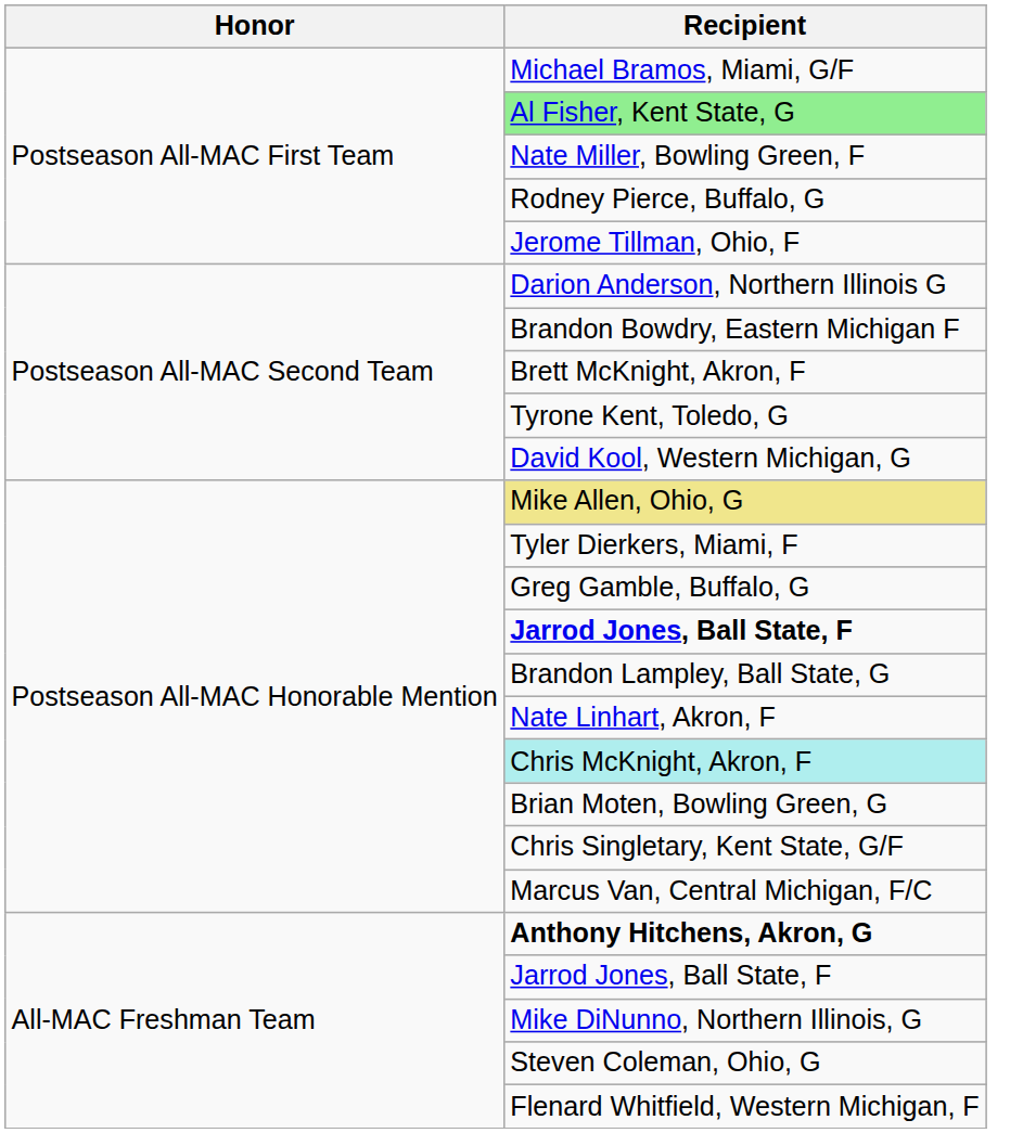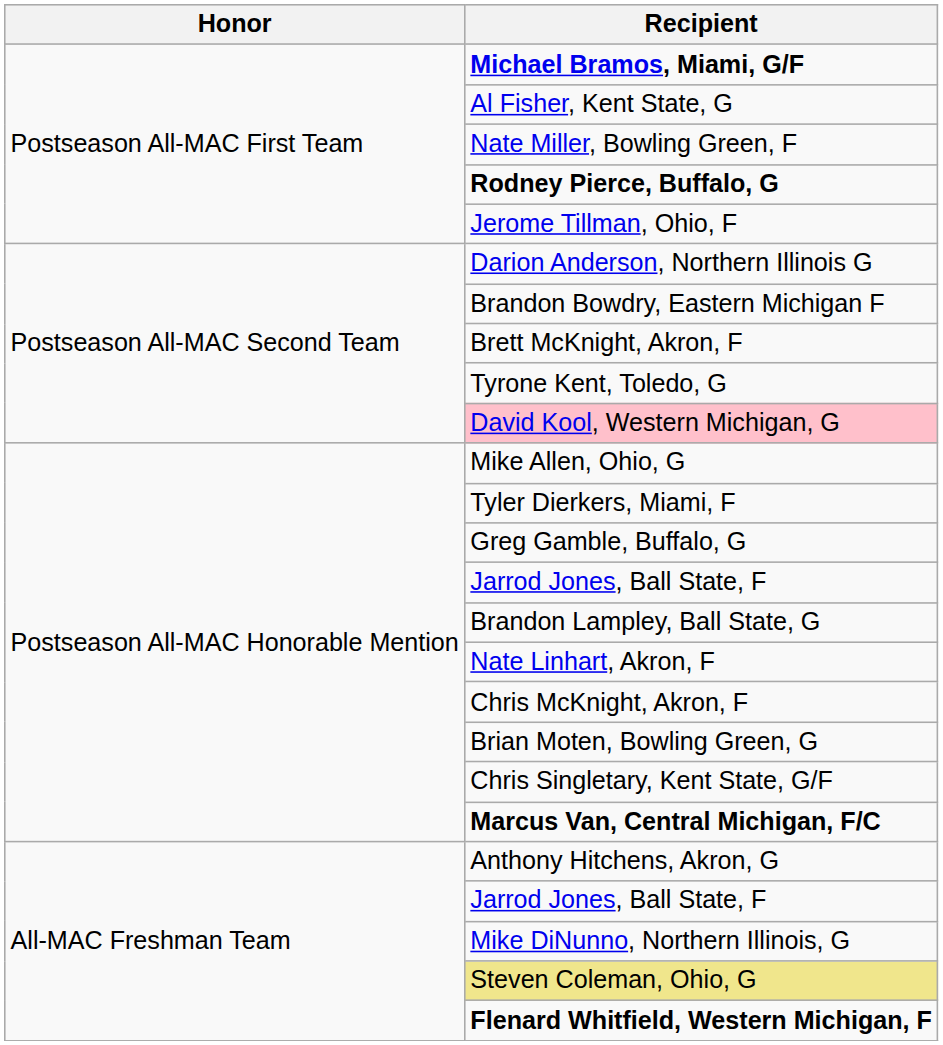 <table class="wikitable" border="1">
 <tr>
 <th>Honor</th>
 <th>Recipient</th>
 </tr>
 <tr>
 <td rowspan=5 valign=middle>Postseason All-MAC First Team</td>
-<td><a href='#'>Michael Bramos</a>, Miami, G/F</td>
+<td><strong><a href='#'>Michael Bramos</a>, Miami, G/F</strong></td>
 </tr>
 <tr>
-<td style="background: lightgreen;"><a href='#'>Al Fisher</a>, Kent State, G</td>
+<td><a href='#'>Al Fisher</a>, Kent State, G</td>
 </tr>
 <tr>
 <td><a href='#'>Nate Miller</a>, Bowling Green, F</td>
 </tr>
 <tr>
-<td>Rodney Pierce, Buffalo, G</td>
+<td><strong>Rodney Pierce, Buffalo, G</strong></td>
 </tr>
 <tr>
 <td><a href='#'>Jerome Tillman</a>, Ohio, F</td>
 </tr>
 <tr>
 <td rowspan=5 valign=middle>Postseason All-MAC Second Team</td>
 <td><a href='#'>Darion Anderson</a>, Northern Illinois G</td>
 </tr>
 <tr>
 <td>Brandon Bowdry, Eastern Michigan F</td>
 </tr>
 <tr>
 <td>Brett McKnight, Akron, F</td>
 </tr>
 <tr>
 <td>Tyrone Kent, Toledo, G</td>
 </tr>
 <tr>
-<td><a href='#'>David Kool</a>, Western Michigan, G</td>
+<td style="background: pink;"><a href='#'>David Kool</a>, Western Michigan, G</td>
 </tr>
 <tr>
 <td rowspan=10 valign=middle>Postseason All-MAC Honorable Mention</td>
-<td style="background: khaki;">Mike Allen, Ohio, G</td>
+<td>Mike Allen, Ohio, G</td>
 </tr>
 <tr>
 <td>Tyler Dierkers, Miami, F</td>
 </tr>
 <tr>
 <td>Greg Gamble, Buffalo, G</td>
 </tr>
 <tr>
-<td><strong><a href='#'>Jarrod Jones</a>, Ball State, F</strong></td>
+<td><a href='#'>Jarrod Jones</a>, Ball State, F</td>
 </tr>
 <tr>
 <td>Brandon Lampley, Ball State, G</td>
 </tr>
 <tr>
 <td><a href='#'>Nate Linhart</a>, Akron, F</td>
 </tr>
 <tr>
-<td style="background: paleturquoise;">Chris McKnight, Akron, F</td>
+<td>Chris McKnight, Akron, F</td>
 </tr>
 <tr>
 <td>Brian Moten, Bowling Green, G</td>
 </tr>
 <tr>
 <td>Chris Singletary, Kent State, G/F</td>
 </tr>
 <tr>
-<td>Marcus Van, Central Michigan, F/C</td>
+<td><strong>Marcus Van, Central Michigan, F/C</strong></td>
 </tr>
 <tr>
 <td rowspan=5 valign=middle>All-MAC Freshman Team</td>
-<td><strong>Anthony Hitchens, Akron, G</strong></td>
+<td>Anthony Hitchens, Akron, G</td>
 </tr>
 <tr>
 <td><a href='#'>Jarrod Jones</a>, Ball State, F</td>
 </tr>
 <tr>
 <td><a href='#'>Mike DiNunno</a>, Northern Illinois, G</td>
 </tr>
 <tr>
-<td>Steven Coleman, Ohio, G</td>
+<td style="background: khaki;">Steven Coleman, Ohio, G</td>
 </tr>
 <tr>
-<td>Flenard Whitfield, Western Michigan, F</td>
+<td><strong>Flenard Whitfield, Western Michigan, F</strong></td>
 </tr>
 <tr>
 </tr>
 </table>
